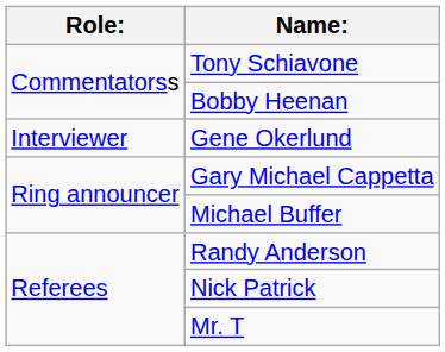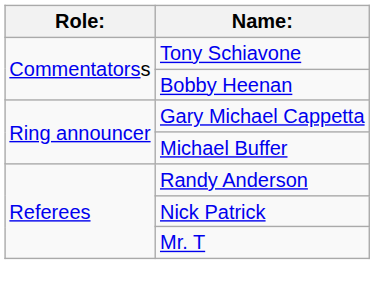 <table class=wikitable style="font-size:90%; margin: 0.5em 0 0.5em 1em; float: right; clear: right;">
 <tr>
 <th>Role:</th>
 <th>Name:</th>
 </tr>
 <tr>
 <td rowspan=2><a href='#'>Commentators</a>s</td>
 <td><a href='#'>Tony Schiavone</a></td>
 </tr>
 <tr>
 <td><a href='#'>Bobby Heenan</a></td>
-</tr>
-<tr>
-<td><a href='#'>Interviewer</a></td>
-<td><a href='#'>Gene Okerlund</a></td>
 </tr>
 <tr>
 <td rowspan=2><a href='#'>Ring announcer</a></td>
 <td><a href='#'>Gary Michael Cappetta</a></td>
 </tr>
 <tr>
 <td><a href='#'>Michael Buffer</a></td>
 </tr>
 <tr>
 <td rowspan=3><a href='#'>Referees</a></td>
 <td><a href='#'>Randy Anderson</a></td>
 </tr>
 <tr>
 <td><a href='#'>Nick Patrick</a></td>
 </tr>
 <tr>
 <td><a href='#'>Mr. T</a> </td>
 </tr>
 </table>
